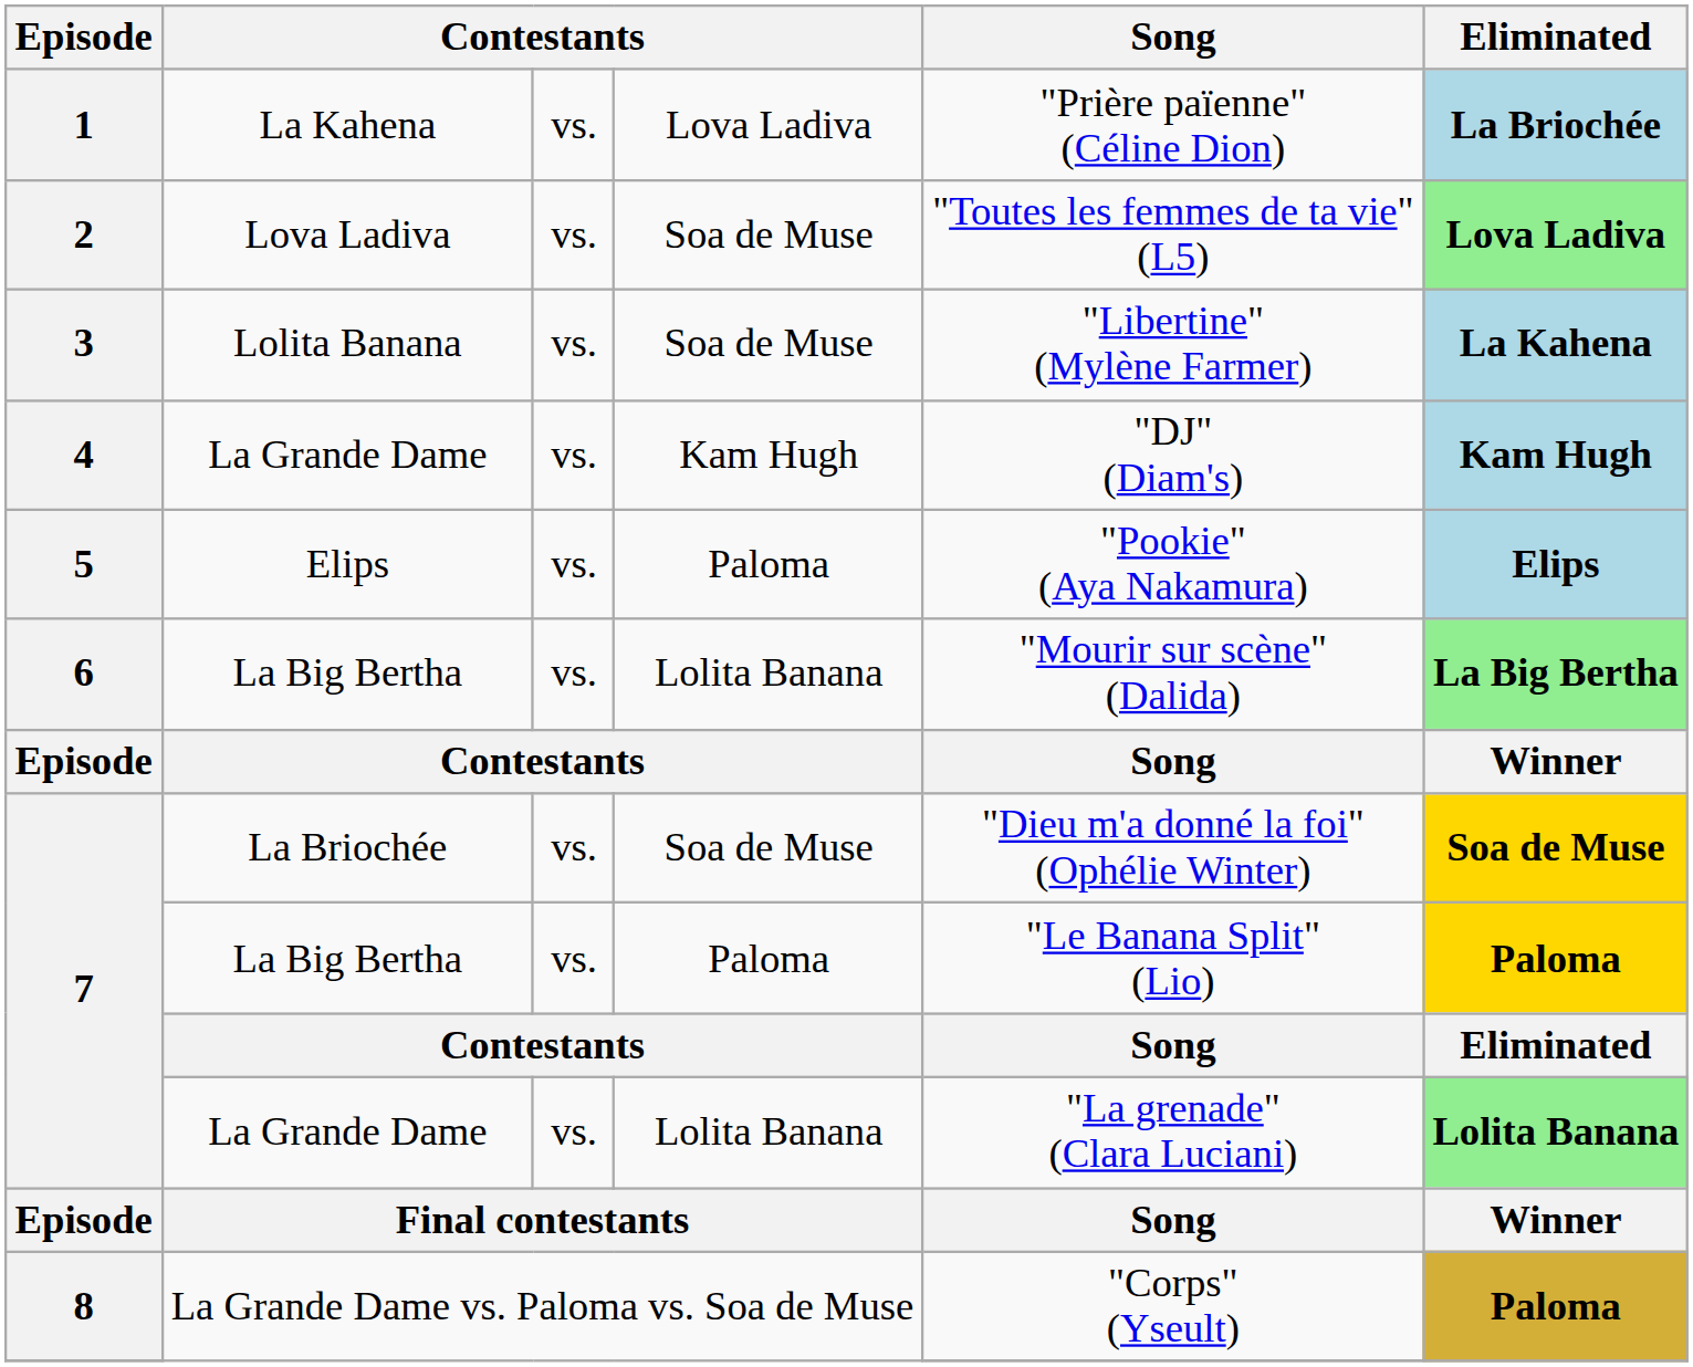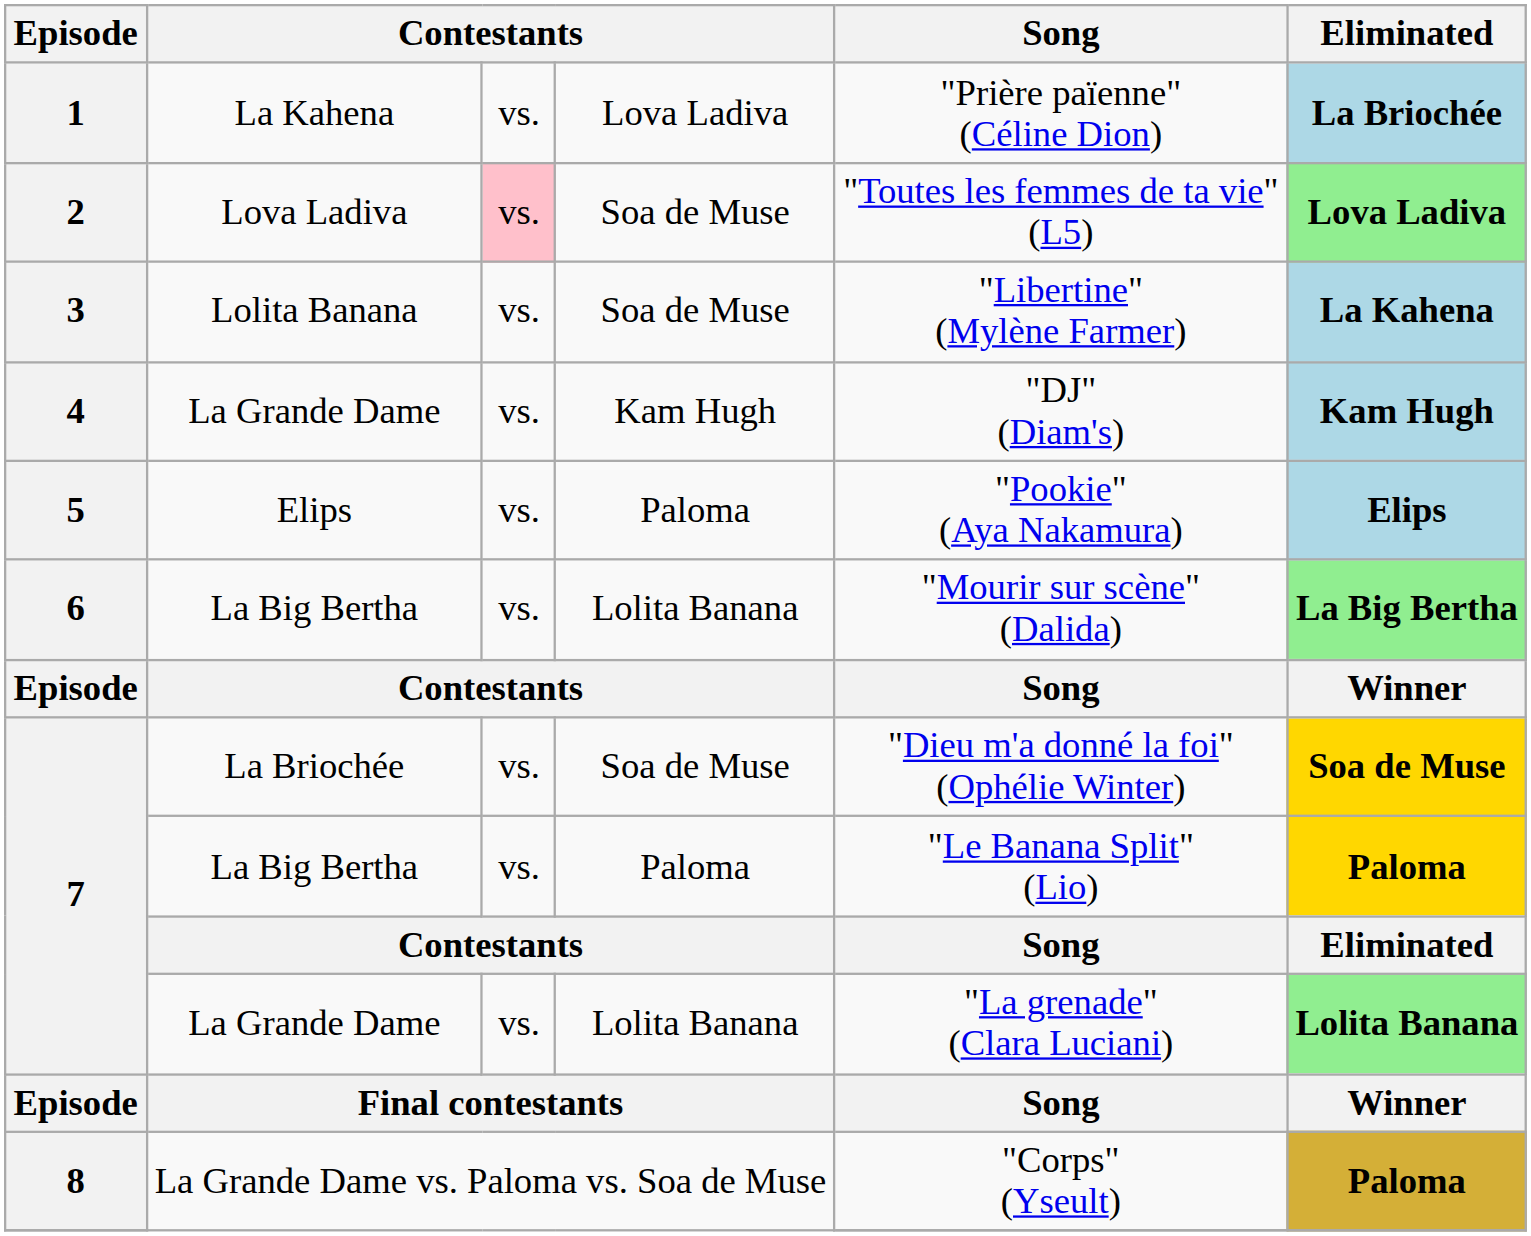 <table class="wikitable" style="text-align:center">
 <tr>
 <th scope="col">Episode</th>
 <th scope="col" colspan="3">Contestants</th>
 <th scope="col">Song</th>
 <th scope="col">Eliminated</th>
 </tr>
 <tr>
 <th scope="row">1</th>
 <td>La Kahena</td>
 <td>vs.</td>
 <td>Lova Ladiva</td>
 <td>"Prière païenne"<br>(<a href='#'>Céline Dion</a>)</td>
 <td bgcolor="lightblue"><strong>La Briochée</strong></td>
 </tr>
 <tr>
 <th scope="row">2</th>
 <td>Lova Ladiva</td>
-<td>vs.</td>
+<td style="background: pink;">vs.</td>
 <td>Soa de Muse</td>
 <td nowrap>"<a href='#'>Toutes les femmes de ta vie</a>"<br>(<a href='#'>L5</a>)</td>
 <td bgcolor="lightgreen"><strong>Lova Ladiva</strong></td>
 </tr>
 <tr>
 <th scope="row">3</th>
 <td>Lolita Banana</td>
 <td>vs.</td>
 <td>Soa de Muse</td>
 <td>"<a href='#'>Libertine</a>"<br>(<a href='#'>Mylène Farmer</a>)</td>
 <td bgcolor="lightblue"><strong>La Kahena</strong></td>
 </tr>
 <tr>
 <th scope="row">4</th>
 <td nowrap>La Grande Dame</td>
 <td>vs.</td>
 <td>Kam Hugh</td>
 <td>"DJ"<br>(<a href='#'>Diam's</a>)</td>
 <td bgcolor="lightblue"><strong>Kam Hugh</strong></td>
 </tr>
 <tr>
 <th scope="row">5</th>
 <td>Elips</td>
 <td>vs.</td>
 <td>Paloma</td>
 <td>"<a href='#'>Pookie</a>"<br>(<a href='#'>Aya Nakamura</a>)</td>
 <td bgcolor="lightblue"><strong>Elips</strong></td>
 </tr>
 <tr>
 <th scope="row">6</th>
 <td>La Big Bertha</td>
 <td>vs.</td>
 <td nowrap>Lolita Banana</td>
 <td>"<a href='#'>Mourir sur scène</a>"<br>(<a href='#'>Dalida</a>)</td>
 <td bgcolor="lightgreen"><strong>La Big Bertha</strong></td>
 </tr>
 <tr>
 <th scope="col">Episode</th>
 <th scope="col" colspan="3">Contestants</th>
 <th scope="col">Song</th>
 <th scope="col">Winner</th>
 </tr>
 <tr>
 <th scope="row" rowspan="4">7</th>
 <td>La Briochée</td>
 <td>vs.</td>
 <td>Soa de Muse</td>
 <td>"<a href='#'>Dieu m'a donné la foi</a>"<br>(<a href='#'>Ophélie Winter</a>)</td>
 <td bgcolor="gold"><strong>Soa de Muse</strong></td>
 </tr>
 <tr>
 <td>La Big Bertha</td>
 <td>vs.</td>
 <td>Paloma</td>
 <td>"<a href='#'>Le Banana Split</a>"<br>(<a href='#'>Lio</a>)</td>
 <td bgcolor="gold"><strong>Paloma</strong></td>
 </tr>
 <tr>
 <th colspan="3">Contestants</th>
 <th scope="col">Song</th>
 <th scope="col">Eliminated</th>
 </tr>
 <tr>
 <td>La Grande Dame</td>
 <td>vs.</td>
 <td>Lolita Banana</td>
 <td>"<a href='#'>La grenade</a>"<br>(<a href='#'>Clara Luciani</a>)</td>
 <td bgcolor="lightgreen" nowrap><strong>Lolita Banana</strong></td>
 </tr>
 <tr>
 <th scope="col">Episode</th>
 <th scope="col" colspan="3">Final contestants</th>
 <th scope="col">Song</th>
 <th scope="col">Winner</th>
 </tr>
 <tr>
 <th scope="row">8</th>
 <td rowspan="2" colspan="3">La Grande Dame vs. Paloma vs. Soa de Muse</td>
 <td>"Corps"<br>(<a href='#'>Yseult</a>)</td>
 <td bgcolor="#D4AF37"><strong>Paloma</strong></td>
 </tr>
 <tr>
 </tr>
 </table>
